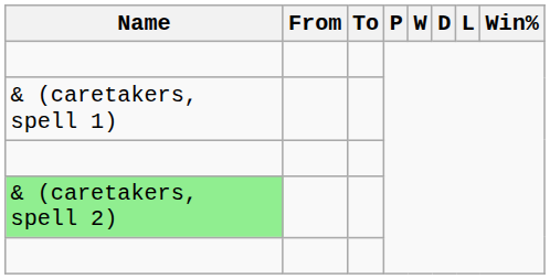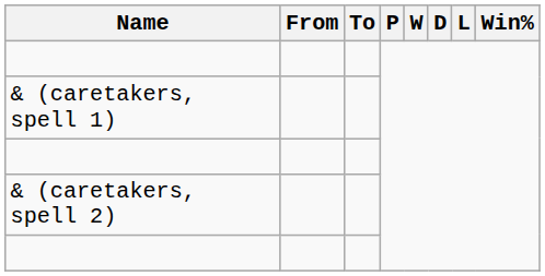 <table class="wikitable sortable" style="text-align: center;">
 <tr>
 <th style="width:12em">Name</th>
 <th>From</th>
 <th>To</th>
 <th>P</th>
 <th>W</th>
 <th>D</th>
 <th>L</th>
 <th>Win%</th>
 </tr>
 <tr>
 <td align=left></td>
 <td></td>
 <td><br></td>
 </tr>
 <tr>
 <td align="left"> &  (caretakers, spell 1)</td>
 <td></td>
 <td><br></td>
 </tr>
 <tr>
 <td align="left"></td>
 <td></td>
 <td><br></td>
 </tr>
 <tr>
-<td align="left" style="background: lightgreen;"> &  (caretakers, spell 2)</td>
+<td align="left"> &  (caretakers, spell 2)</td>
 <td></td>
 <td><br></td>
 </tr>
 <tr>
 <td align="left"></td>
 <td></td>
 <td><br></td>
 </tr>
 </table>
